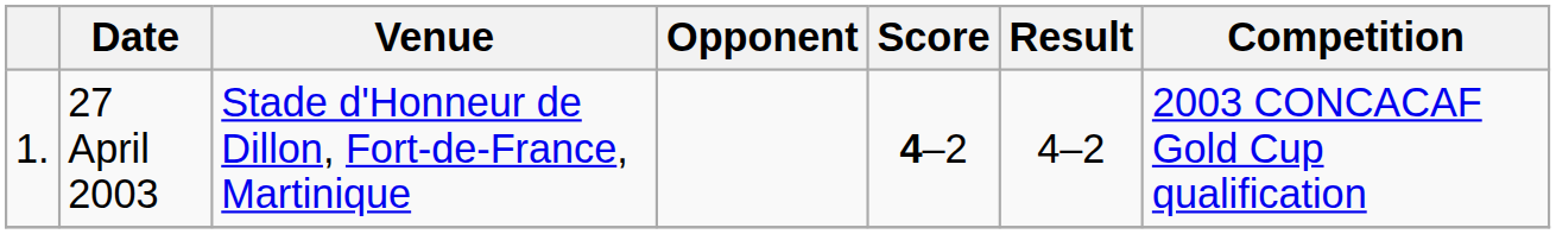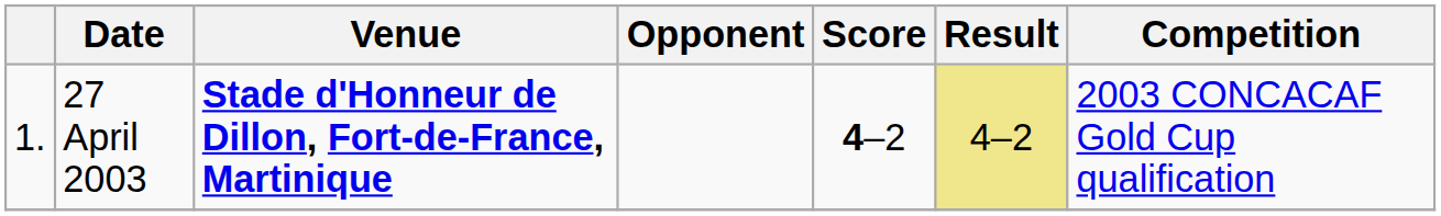 <table class="wikitable">
 <tr>
 <th></th>
 <th>Date</th>
 <th>Venue</th>
 <th>Opponent</th>
 <th>Score</th>
 <th>Result</th>
 <th>Competition</th>
 </tr>
 <tr>
 <td align="center">1.</td>
 <td>27 April 2003</td>
-<td><a href='#'>Stade d'Honneur de Dillon</a>, <a href='#'>Fort-de-France</a>, <a href='#'>Martinique</a></td>
+<td><strong><a href='#'>Stade d'Honneur de Dillon</a>, <a href='#'>Fort-de-France</a>, <a href='#'>Martinique</a></strong></td>
 <td></td>
 <td align="center"><strong>4</strong>–2</td>
-<td align="center">4–2</td>
+<td align="center" style="background: khaki;">4–2</td>
 <td><a href='#'>2003 CONCACAF Gold Cup qualification</a></td>
 </tr>
 <tr>
 </tr>
 </table>
